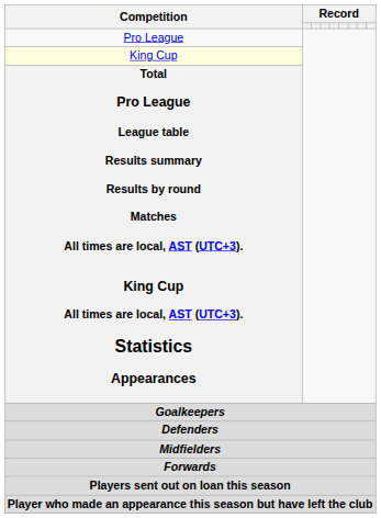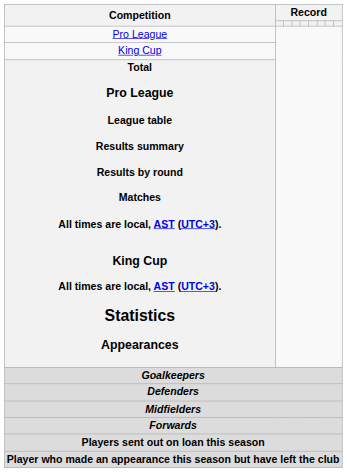 <table class="wikitable" style="text-align: center">
 <tr>
 <th rowspan=2>Competition</th>
 <th colspan=8>Record</th>
 </tr>
 <tr>
 <th></th>
 <th></th>
 <th></th>
 <th></th>
 <th></th>
 <th></th>
 <th></th>
 <th></th>
 </tr>
 <tr>
 <td><a href='#'>Pro League</a><br></td>
 </tr>
 <tr>
-<td style="background: lightyellow;"><a href='#'>King Cup</a><br></td>
+<td><a href='#'>King Cup</a><br></td>
 </tr>
 <tr>
 <th>Total<br> <h3>Pro League</h3><h4>League table</h4><h4>Results summary</h4> <h4>Results by round</h4><h4>Matches</h4>All times are local, <a href='#'>AST</a> (<a href='#'>UTC+3</a>).<br>   <br>                              <h3>King Cup</h3> All times are local, <a href='#'>AST</a> (<a href='#'>UTC+3</a>).<br>  <h2>Statistics</h2><h3>Appearances</h3></th>
 </tr>
 <tr>
 <th colspan=10 style=background:#dcdcdc; text-align:center><em>Goalkeepers</em><br> </th>
 </tr>
 <tr>
 <th colspan=10 style=background:#dcdcdc; text-align:center><em>Defenders</em><br>         </th>
 </tr>
 <tr>
 <th colspan=10 style=background:#dcdcdc; text-align:center><em>Midfielders</em><br>         </th>
 </tr>
 <tr>
 <th colspan=10 style=background:#dcdcdc; text-align:center><em>Forwards</em><br>   </th>
 </tr>
 <tr>
 <th colspan=14 style=background:#dcdcdc; text-align:center>Players sent out on loan this season<br></th>
 </tr>
 <tr>
 <th colspan=18 style=background:#dcdcdc; text-align:center>Player who made an appearance this season but have left the club<br> </th>
 </tr>
 </table>
